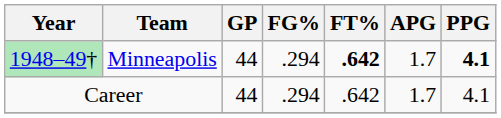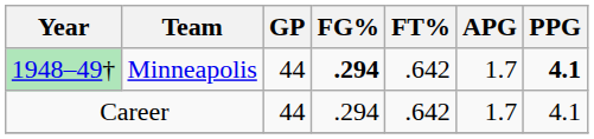 <table class="wikitable sortable" style="font-size:95%; text-align:right;">
 <tr>
 <th>Year</th>
 <th>Team</th>
 <th>GP</th>
 <th>FG%</th>
 <th>FT%</th>
 <th>APG</th>
 <th>PPG</th>
 </tr>
 <tr>
 <td style="text-align:left; background:#afe6ba;"><a href='#'>1948–49</a>†</td>
 <td style="text-align:left;"><a href='#'>Minneapolis</a></td>
 <td>44</td>
-<td>.294</td>
-<td><strong>.642</strong></td>
+<td><strong>.294</strong></td>
+<td>.642</td>
 <td>1.7</td>
 <td><strong>4.1</strong></td>
 </tr>
 <tr>
 <td style="text-align:center;" colspan="2">Career</td>
 <td>44</td>
 <td>.294</td>
 <td>.642</td>
 <td>1.7</td>
 <td>4.1</td>
 </tr>
 <tr>
 </tr>
 </table>
